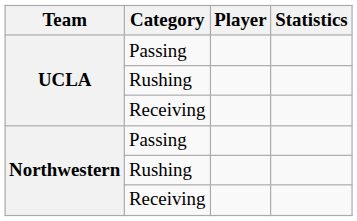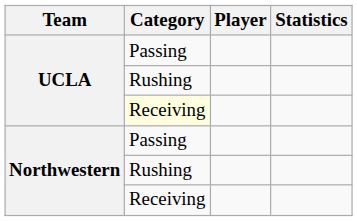 <table class="wikitable" style="float:right">
 <tr>
 <th>Team</th>
 <th>Category</th>
 <th>Player</th>
 <th>Statistics</th>
 </tr>
 <tr>
 <th rowspan=3>UCLA</th>
 <td>Passing</td>
 <td></td>
 <td></td>
 </tr>
 <tr>
 <td>Rushing</td>
 <td></td>
 <td></td>
 </tr>
 <tr>
-<td>Receiving</td>
+<td style="background: lightyellow;">Receiving</td>
 <td></td>
 <td></td>
 </tr>
 <tr>
 <th rowspan=3>Northwestern</th>
 <td>Passing</td>
 <td></td>
 <td></td>
 </tr>
 <tr>
 <td>Rushing</td>
 <td></td>
 <td></td>
 </tr>
 <tr>
 <td>Receiving</td>
 <td></td>
 <td></td>
 </tr>
 </table>
